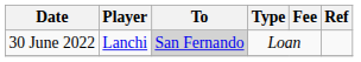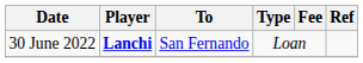 <table class="wikitable">
 <tr>
 <th>Date</th>
 <th>Player</th>
 <th>To</th>
 <th>Type</th>
 <th>Fee</th>
 <th>Ref</th>
 </tr>
 <tr>
 <td>30 June 2022</td>
-<td> <a href='#'>Lanchi</a></td>
-<td style="background: lightgrey;"><a href='#'>San Fernando</a></td>
+<td><strong> <a href='#'>Lanchi</a></strong></td>
+<td><a href='#'>San Fernando</a></td>
 <td colspan=2 align=center><em>Loan</em></td>
 <td align=center></td>
 </tr>
 <tr>
 </tr>
 </table>
